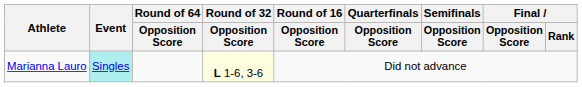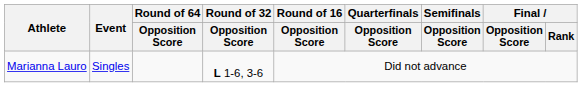 <table class=wikitable style="font-size:90%">
 <tr>
 <th rowspan="2">Athlete</th>
 <th rowspan="2">Event</th>
 <th>Round of 64</th>
 <th>Round of 32</th>
 <th>Round of 16</th>
 <th>Quarterfinals</th>
 <th>Semifinals</th>
 <th colspan=2>Final / </th>
 </tr>
 <tr style="font-size:95%">
 <th>Opposition<br>Score</th>
 <th>Opposition<br>Score</th>
 <th>Opposition<br>Score</th>
 <th>Opposition<br>Score</th>
 <th>Opposition<br>Score</th>
 <th>Opposition<br>Score</th>
 <th>Rank</th>
 </tr>
 <tr align="center">
 <td align=left><a href='#'>Marianna Lauro</a></td>
-<td style="background: paleturquoise;"><a href='#'>Singles</a></td>
+<td><a href='#'>Singles</a></td>
 <td></td>
-<td style="background: lightyellow;"><br><strong>L</strong> 1-6, 3-6</td>
+<td><br><strong>L</strong> 1-6, 3-6</td>
 <td colspan=5>Did not advance</td>
 </tr>
 </table>
